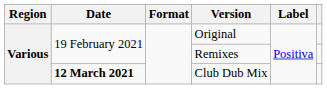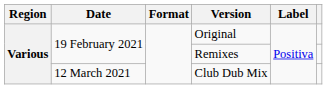 <table class="wikitable plainrowheaders">
 <tr>
 <th scope="col">Region</th>
 <th scope="col">Date</th>
 <th scope="col">Format</th>
 <th scope="col">Version</th>
 <th scope="col">Label</th>
 <th scope="col"></th>
 </tr>
 <tr>
 <th scope="row" rowspan="3">Various</th>
 <td rowspan="2">19 February 2021</td>
 <td rowspan="3"></td>
 <td>Original</td>
 <td rowspan="3"><a href='#'>Positiva</a></td>
 <td align="center"></td>
 </tr>
 <tr>
 <td>Remixes</td>
 <td align="center"></td>
 </tr>
 <tr>
-<td><strong>12 March 2021</strong></td>
+<td>12 March 2021</td>
 <td>Club Dub Mix</td>
 <td align="center"></td>
 </tr>
 </table>
